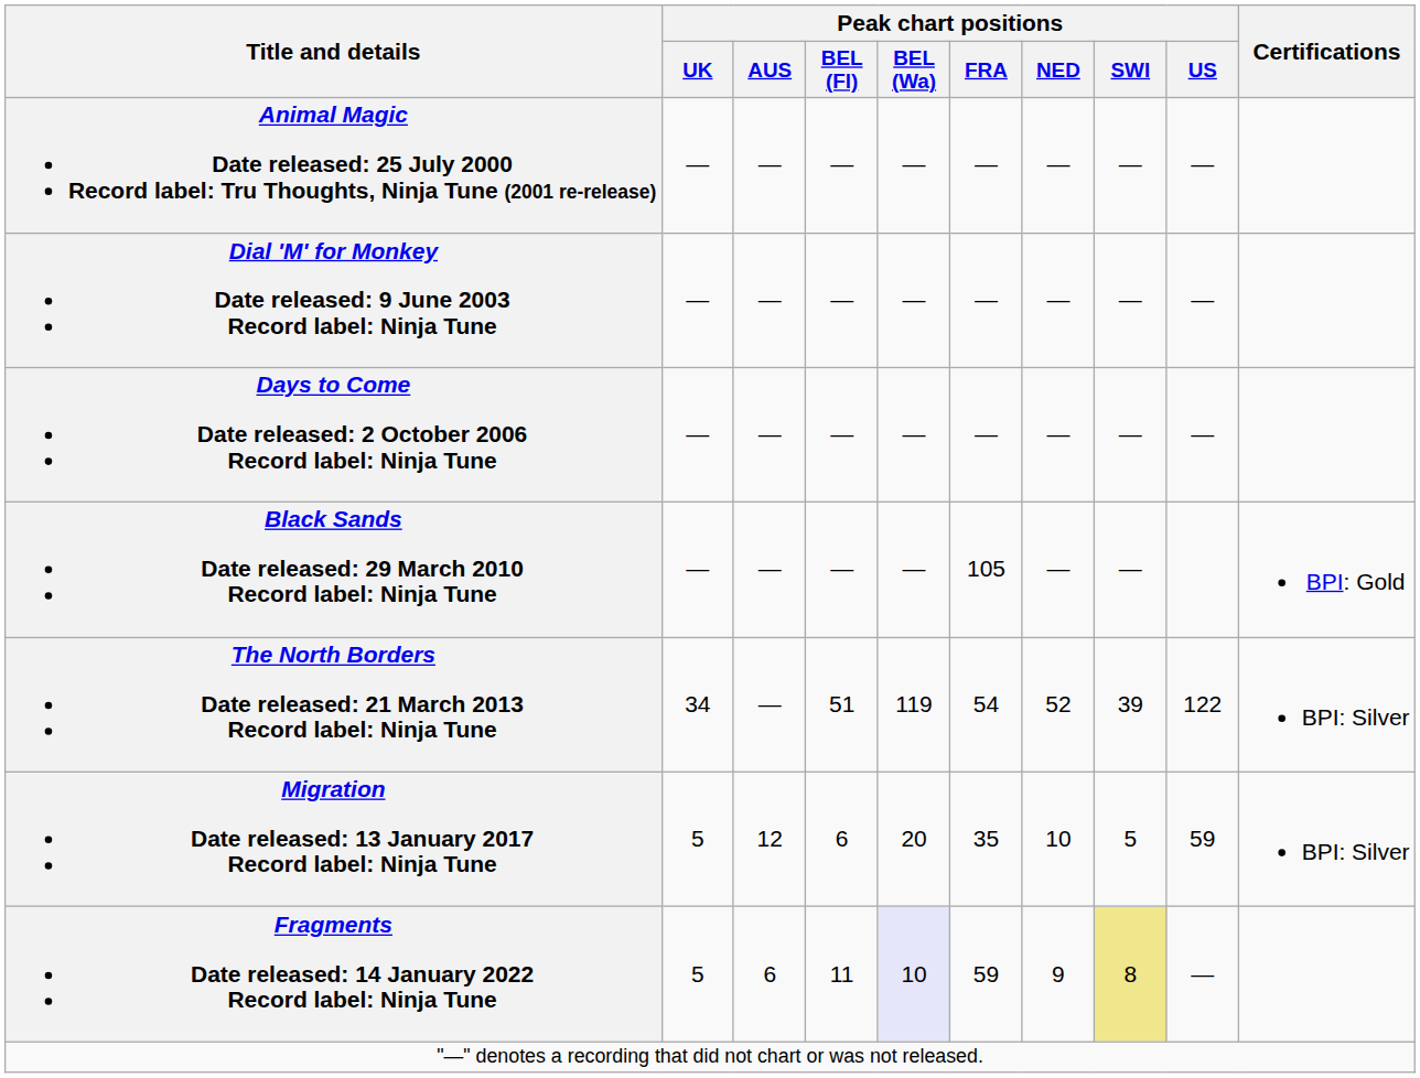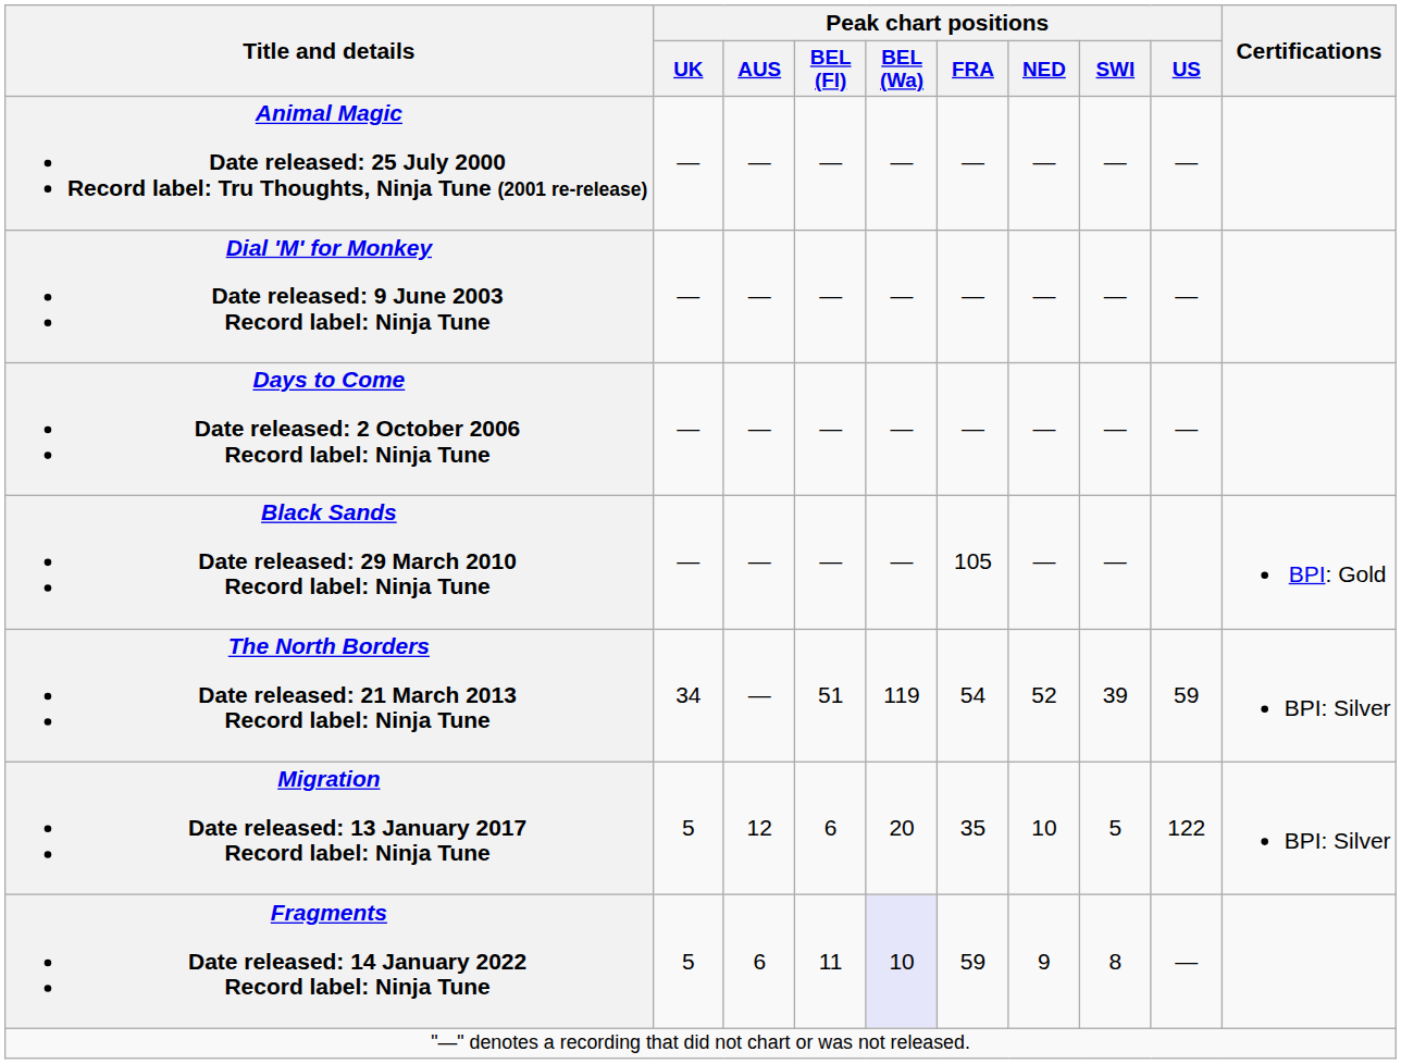 <table class="wikitable plainrowheaders" style="text-align:center;">
 <tr>
 <th scope="col" rowspan="2">Title and details</th>
 <th scope="col" colspan="8">Peak chart positions</th>
 <th scope="col" rowspan="2">Certifications</th>
 </tr>
 <tr>
 <th scope="col" style="width:3em;font-size:90%;"><a href='#'>UK</a><br></th>
 <th scope="col" style="width:3em;font-size:90%;"><a href='#'>AUS</a><br></th>
 <th scope="col" style="width:3em;font-size:90%;"><a href='#'>BEL (Fl)</a><br></th>
 <th scope="col" style="width:3em;font-size:90%;"><a href='#'>BEL (Wa)</a><br></th>
 <th scope="col" style="width:3em;font-size:90%;"><a href='#'>FRA</a><br></th>
 <th scope="col" style="width:3em;font-size:90%;"><a href='#'>NED</a><br></th>
 <th scope="col" style="width:3em;font-size:90%;"><a href='#'>SWI</a><br></th>
 <th scope="col" style="width:3em;font-size:90%;"><a href='#'>US</a><br></th>
 </tr>
 <tr>
 <th scope="row"><em><a href='#'>Animal Magic</a></em><br><ul><li>Date released: 25 July 2000</li><li>Record label: Tru Thoughts, Ninja Tune <small>(2001 re-release)</small></li></ul></th>
 <td style="text-align:center;">—</td>
 <td style="text-align:center;">—</td>
 <td style="text-align:center;">—</td>
 <td style="text-align:center;">—</td>
 <td style="text-align:center;">—</td>
 <td style="text-align:center;">—</td>
 <td style="text-align:center;">—</td>
 <td style="text-align:center;">—</td>
 <td></td>
 </tr>
 <tr>
 <th scope="row"><em><a href='#'>Dial 'M' for Monkey</a></em><br><ul><li>Date released: 9 June 2003</li><li>Record label: Ninja Tune</li></ul></th>
 <td style="text-align:center;">—</td>
 <td style="text-align:center;">—</td>
 <td style="text-align:center;">—</td>
 <td style="text-align:center;">—</td>
 <td style="text-align:center;">—</td>
 <td style="text-align:center;">—</td>
 <td style="text-align:center;">—</td>
 <td style="text-align:center;">—</td>
 <td></td>
 </tr>
 <tr>
 <th scope="row"><em><a href='#'>Days to Come</a></em><br><ul><li>Date released: 2 October 2006</li><li>Record label: Ninja Tune</li></ul></th>
 <td style="text-align:center;">—</td>
 <td style="text-align:center;">—</td>
 <td style="text-align:center;">—</td>
 <td style="text-align:center;">—</td>
 <td style="text-align:center;">—</td>
 <td style="text-align:center;">—</td>
 <td style="text-align:center;">—</td>
 <td style="text-align:center;">—</td>
 <td></td>
 </tr>
 <tr>
 <th scope="row"><em><a href='#'>Black Sands</a></em><br><ul><li>Date released: 29 March 2010</li><li>Record label: Ninja Tune</li></ul></th>
 <td style="text-align:center;">—</td>
 <td style="text-align:center;">—</td>
 <td style="text-align:center;">—</td>
 <td style="text-align:center;">—</td>
 <td style="text-align:center;">105</td>
 <td style="text-align:center;">—</td>
 <td style="text-align:center;">—</td>
 <td></td>
 <td><br><ul><li><a href='#'>BPI</a>: Gold</li></ul></td>
 </tr>
 <tr>
 <th scope="row"><em><a href='#'>The North Borders</a></em><br><ul><li>Date released: 21 March 2013</li><li>Record label: Ninja Tune</li></ul></th>
 <td style="text-align:center;">34</td>
 <td style="text-align:center;">—</td>
 <td style="text-align:center;">51</td>
 <td style="text-align:center;">119</td>
 <td style="text-align:center;">54</td>
 <td style="text-align:center;">52</td>
 <td style="text-align:center;">39</td>
-<td style="text-align:center;">122</td>
+<td style="text-align:center;">59</td>
 <td><br><ul><li>BPI: Silver</li></ul></td>
 </tr>
 <tr>
 <th scope="row"><em><a href='#'>Migration</a></em><br><ul><li>Date released: 13 January 2017</li><li>Record label: Ninja Tune</li></ul></th>
 <td style="text-align:center;">5</td>
 <td style="text-align:center;">12</td>
 <td style="text-align:center;">6</td>
 <td style="text-align:center;">20</td>
 <td style="text-align:center;">35</td>
 <td style="text-align:center;">10</td>
 <td style="text-align:center;">5</td>
-<td style="text-align:center;">59</td>
+<td style="text-align:center;">122</td>
 <td><br><ul><li>BPI: Silver</li></ul></td>
 </tr>
 <tr>
 <th scope="row"><em><a href='#'>Fragments</a></em><br><ul><li>Date released: 14 January 2022</li><li>Record label: Ninja Tune</li></ul></th>
 <td style="text-align:center;">5</td>
 <td style="text-align:center;">6</td>
 <td style="text-align:center;">11</td>
 <td style="background: lavender; text-align:center;">10</td>
 <td style="text-align:center;">59<br></td>
 <td style="text-align:center;">9</td>
-<td style="background: khaki; text-align:center;">8</td>
+<td style="text-align:center;">8</td>
 <td style="text-align:center;">—</td>
 <td></td>
 </tr>
 <tr>
 <td colspan="10" style="font-size:85%">"—" denotes a recording that did not chart or was not released.</td>
 </tr>
 </table>
